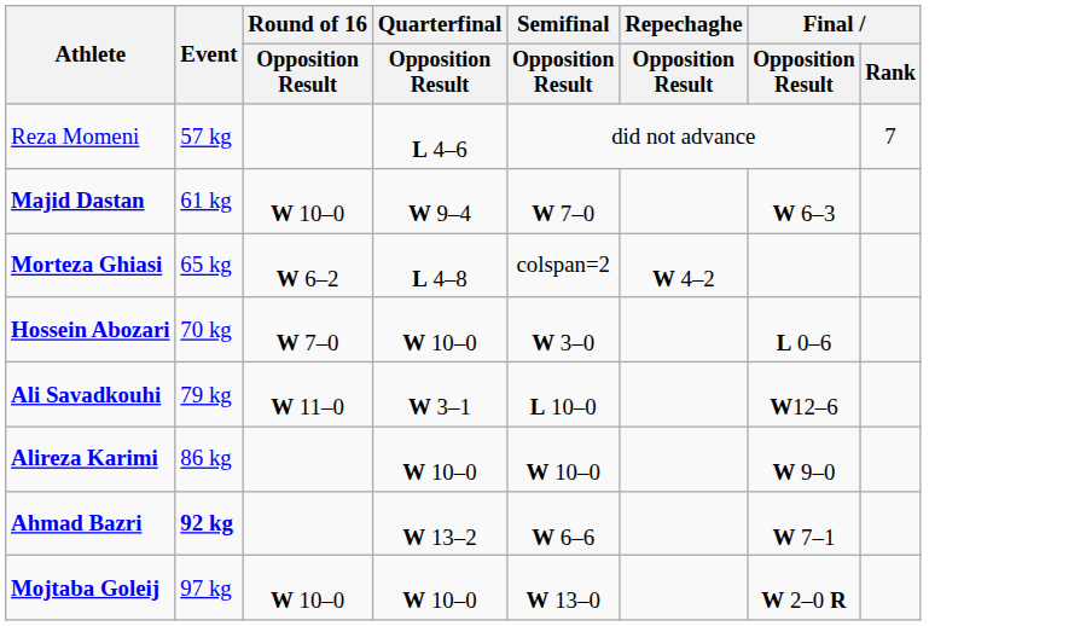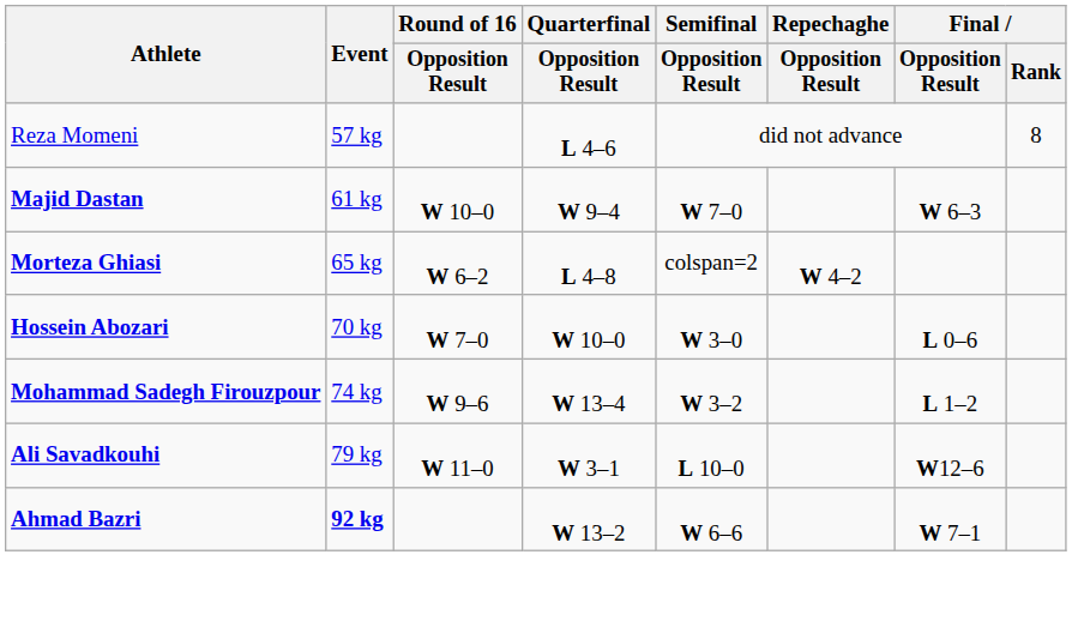 <table class=wikitable style=font-size:90%;text-align:center>
 <tr>
 <th rowspan=2>Athlete</th>
 <th rowspan=2>Event</th>
 <th>Round of 16</th>
 <th>Quarterfinal</th>
 <th>Semifinal</th>
 <th>Repechaghe</th>
 <th colspan=2>Final / </th>
 </tr>
 <tr style=font-size:95%>
 <th>Opposition<br>Result</th>
 <th>Opposition<br>Result</th>
 <th>Opposition<br>Result</th>
 <th>Opposition<br>Result</th>
 <th>Opposition<br>Result</th>
 <th>Rank</th>
 </tr>
 <tr>
 <td align=left><a href='#'>Reza Momeni</a></td>
 <td align=left><a href='#'>57 kg</a></td>
 <td></td>
 <td><br><strong>L</strong> 4–6</td>
 <td colspan=3>did not advance</td>
-<td>7</td>
+<td>8</td>
 </tr>
 <tr>
 <td align=left><strong><a href='#'>Majid Dastan</a></strong></td>
 <td align=left><a href='#'>61 kg</a></td>
 <td><br><strong>W</strong> 10–0</td>
 <td><br><strong>W</strong> 9–4</td>
 <td><br><strong>W</strong> 7–0</td>
 <td></td>
 <td><br><strong>W</strong> 6–3</td>
 <td></td>
 </tr>
 <tr>
 <td align=left><strong><a href='#'>Morteza Ghiasi</a></strong></td>
 <td align=left><a href='#'>65 kg</a></td>
 <td><br><strong>W</strong> 6–2</td>
 <td><br><strong>L</strong> 4–8</td>
 <td>colspan=2 </td>
 <td><br><strong>W</strong> 4–2</td>
 <td></td>
 </tr>
 <tr>
 <td align=left><strong><a href='#'>Hossein Abozari</a></strong></td>
 <td align=left><a href='#'>70 kg</a></td>
 <td><br><strong>W</strong> 7–0</td>
 <td><br><strong>W</strong> 10–0</td>
 <td><br><strong>W</strong> 3–0</td>
 <td></td>
 <td><br><strong>L</strong> 0–6</td>
 <td></td>
 </tr>
 <tr>
+<td align=left><strong><a href='#'>Mohammad Sadegh Firouzpour</a></strong></td>
+<td align=left><a href='#'>74 kg</a></td>
+<td><br><strong>W</strong> 9–6</td>
+<td><br><strong>W</strong> 13–4</td>
+<td><br><strong>W</strong> 3–2</td>
+<td></td>
+<td><br><strong>L</strong> 1–2</td>
+<td></td>
+</tr>
+<tr>
 <td align=left><strong><a href='#'>Ali Savadkouhi</a></strong></td>
 <td align=left><a href='#'>79 kg</a></td>
 <td><br><strong>W</strong> 11–0</td>
 <td><br><strong>W</strong> 3–1</td>
 <td><br><strong>L</strong> 10–0</td>
 <td></td>
 <td><br><strong>W</strong>12–6</td>
-<td></td>
-</tr>
-<tr>
-<td align=left><strong><a href='#'>Alireza Karimi</a></strong></td>
-<td align=left><a href='#'>86 kg</a></td>
-<td></td>
-<td><br><strong>W</strong> 10–0</td>
-<td><br><strong>W</strong> 10–0</td>
-<td></td>
-<td><br><strong>W</strong> 9–0</td>
 <td></td>
 </tr>
 <tr>
 <td align=left><strong><a href='#'>Ahmad Bazri</a></strong></td>
 <td align=left><strong><a href='#'>92 kg</a></strong></td>
 <td></td>
 <td><br><strong>W</strong> 13–2</td>
 <td><br><strong>W</strong> 6–6</td>
 <td></td>
 <td><br><strong>W</strong> 7–1</td>
 <td></td>
 </tr>
-<tr>
-<td align=left><strong><a href='#'>Mojtaba Goleij</a></strong></td>
-<td align=left><a href='#'>97 kg</a></td>
-<td><br><strong>W</strong> 10–0</td>
-<td><br><strong>W</strong> 10–0</td>
-<td><br><strong>W</strong> 13–0</td>
-<td></td>
-<td><br><strong>W</strong> 2–0 <strong>R</strong></td>
-<td></td>
-</tr>
 </table>
